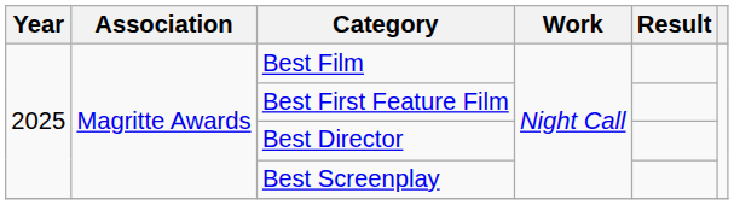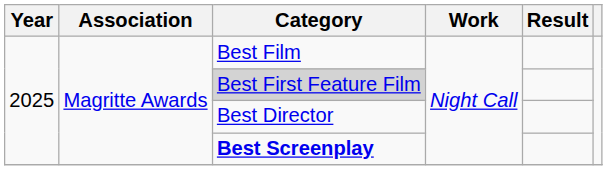 <table class="wikitable sortable">
 <tr>
 <th>Year</th>
 <th>Association</th>
 <th>Category</th>
 <th>Work</th>
 <th>Result</th>
 <th scope="col" class="unsortable"></th>
 </tr>
 <tr>
 <td rowspan="4">2025</td>
 <td rowspan="4"><a href='#'>Magritte Awards</a></td>
 <td><a href='#'>Best Film</a></td>
 <td rowspan="4"><em><a href='#'>Night Call</a></em></td>
 <td></td>
 <td rowspan="4"></td>
 </tr>
 <tr>
-<td><a href='#'>Best First Feature Film</a></td>
+<td style="background: lightgrey;"><a href='#'>Best First Feature Film</a></td>
 <td></td>
 </tr>
 <tr>
 <td><a href='#'>Best Director</a></td>
 <td></td>
 </tr>
 <tr>
-<td><a href='#'>Best Screenplay</a></td>
+<td><strong><a href='#'>Best Screenplay</a></strong></td>
 <td></td>
 </tr>
 <tr>
 </tr>
 </table>
